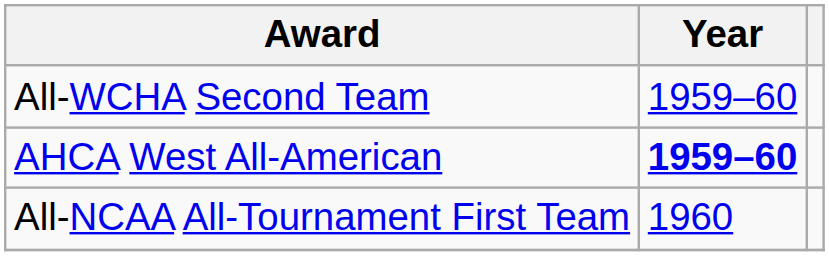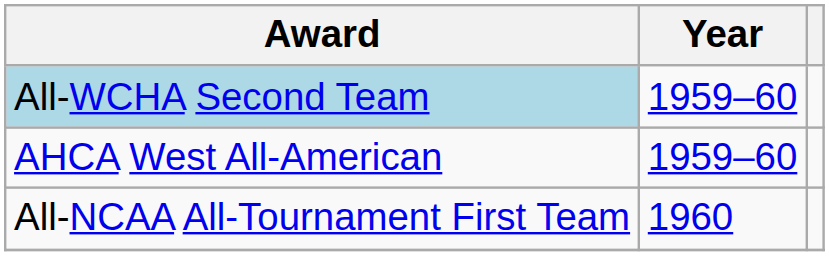 <table class="wikitable">
 <tr>
 <th>Award</th>
 <th>Year</th>
 <th></th>
 </tr>
 <tr>
-<td>All-<a href='#'>WCHA</a> <a href='#'>Second Team</a></td>
+<td style="background: lightblue;">All-<a href='#'>WCHA</a> <a href='#'>Second Team</a></td>
 <td><a href='#'>1959–60</a></td>
 <td></td>
 </tr>
 <tr>
 <td><a href='#'>AHCA</a> <a href='#'>West All-American</a></td>
-<td><strong><a href='#'>1959–60</a></strong></td>
+<td><a href='#'>1959–60</a></td>
 <td></td>
 </tr>
 <tr>
 <td>All-<a href='#'>NCAA</a> <a href='#'>All-Tournament First Team</a></td>
 <td><a href='#'>1960</a></td>
 <td></td>
 </tr>
 <tr>
 </tr>
 </table>
